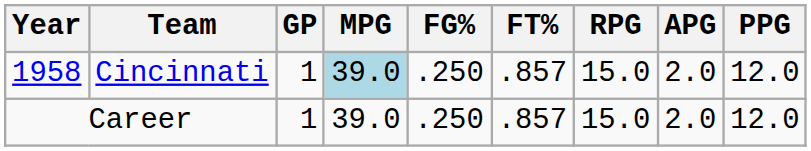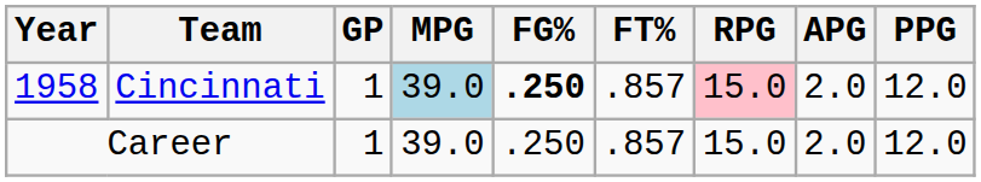 <table class="wikitable sortable" style="font-size:95%; text-align:right;">
 <tr>
 <th>Year</th>
 <th>Team</th>
 <th>GP</th>
 <th>MPG</th>
 <th>FG%</th>
 <th>FT%</th>
 <th>RPG</th>
 <th>APG</th>
 <th>PPG</th>
 </tr>
 <tr>
 <td style="text-align:left;"><a href='#'>1958</a></td>
 <td style="text-align:left;"><a href='#'>Cincinnati</a></td>
 <td>1</td>
 <td style="background: lightblue;">39.0</td>
-<td>.250</td>
+<td><strong>.250</strong></td>
 <td>.857</td>
-<td>15.0</td>
+<td style="background: pink;">15.0</td>
 <td>2.0</td>
 <td>12.0</td>
 </tr>
 <tr class="sortbottom">
 <td colspan="2" style="text-align:center;">Career</td>
 <td>1</td>
 <td>39.0</td>
 <td>.250</td>
 <td>.857</td>
 <td>15.0</td>
 <td>2.0</td>
 <td>12.0</td>
 </tr>
 </table>
